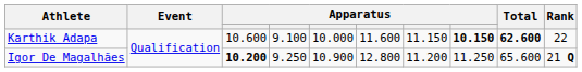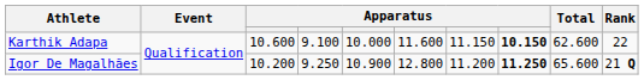 <table class=wikitable style=font-size:90%;text-align:center>
 <tr>
 <th rowspan=2>Athlete</th>
 <th rowspan=2>Event</th>
 <th colspan=6>Apparatus</th>
 <th rowspan=2>Total</th>
 <th rowspan=2>Rank</th>
 </tr>
 <tr style=font-size:95%>
 <th></th>
 <th></th>
 <th></th>
 <th></th>
 <th></th>
 <th></th>
 </tr>
 <tr>
 <td align=left><a href='#'>Karthik Adapa</a></td>
 <td align=left rowspan=2><a href='#'>Qualification</a></td>
 <td>10.600</td>
 <td>9.100</td>
 <td>10.000</td>
 <td>11.600</td>
 <td>11.150</td>
 <td><strong>10.150</strong></td>
-<td><strong>62.600</strong></td>
+<td>62.600</td>
 <td>22</td>
 </tr>
 <tr>
 <td align=left><a href='#'>Igor De Magalhães</a></td>
-<td><strong>10.200</strong></td>
+<td>10.200</td>
 <td>9.250</td>
 <td>10.900</td>
 <td>12.800</td>
 <td>11.200</td>
-<td>11.250</td>
+<td><strong>11.250</strong></td>
 <td>65.600</td>
 <td>21 <strong>Q</strong></td>
 </tr>
 </table>
